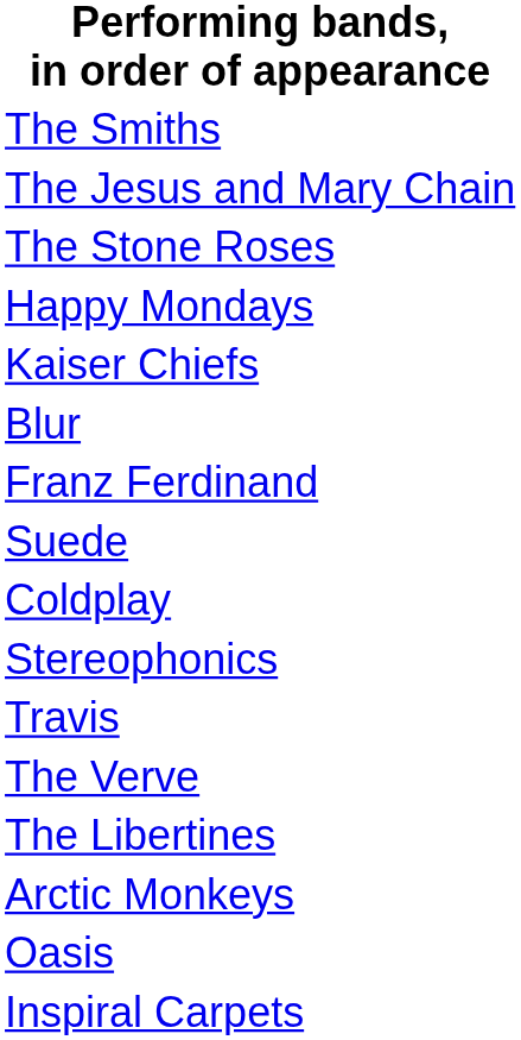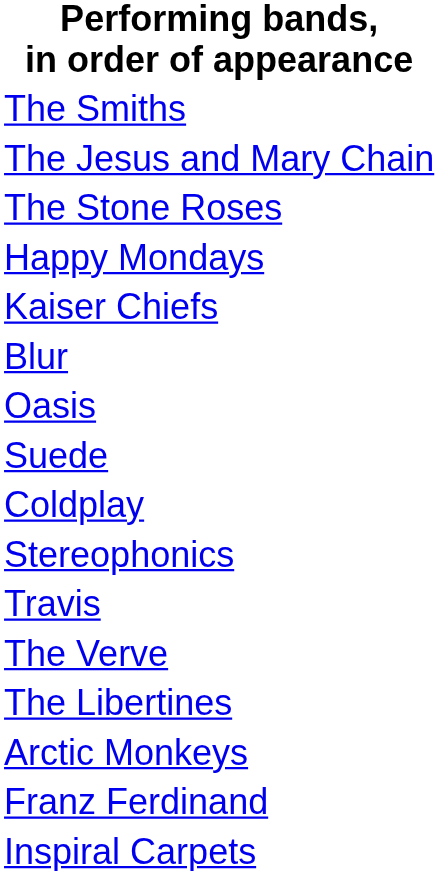 <table align=right>
 <tr>
 <th>Performing bands,<br>in order of appearance</th>
 </tr>
 <tr>
 <td><a href='#'>The Smiths</a></td>
 </tr>
 <tr>
 <td><a href='#'>The Jesus and Mary Chain</a></td>
 </tr>
 <tr>
 <td><a href='#'>The Stone Roses</a></td>
 </tr>
 <tr>
 <td><a href='#'>Happy Mondays</a></td>
 </tr>
 <tr>
 <td><a href='#'>Kaiser Chiefs</a></td>
 </tr>
 <tr>
 <td><a href='#'>Blur</a></td>
 </tr>
 <tr>
-<td><a href='#'>Franz Ferdinand</a></td>
+<td><a href='#'>Oasis</a></td>
 </tr>
 <tr>
 <td><a href='#'>Suede</a></td>
 </tr>
 <tr>
 <td><a href='#'>Coldplay</a></td>
 </tr>
 <tr>
 <td><a href='#'>Stereophonics</a></td>
 </tr>
 <tr>
 <td><a href='#'>Travis</a></td>
 </tr>
 <tr>
 <td><a href='#'>The Verve</a></td>
 </tr>
 <tr>
 <td><a href='#'>The Libertines</a></td>
 </tr>
 <tr>
 <td><a href='#'>Arctic Monkeys</a></td>
 </tr>
 <tr>
-<td><a href='#'>Oasis</a></td>
+<td><a href='#'>Franz Ferdinand</a></td>
 </tr>
 <tr>
 <td><a href='#'>Inspiral Carpets</a></td>
 </tr>
 </table>
